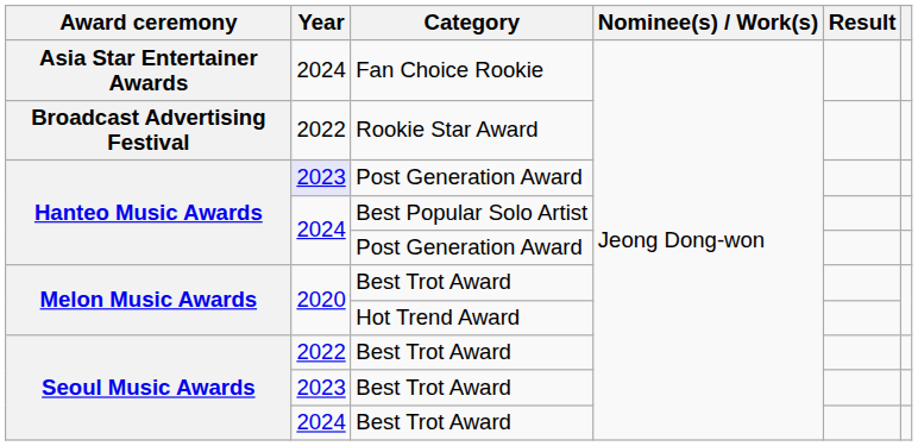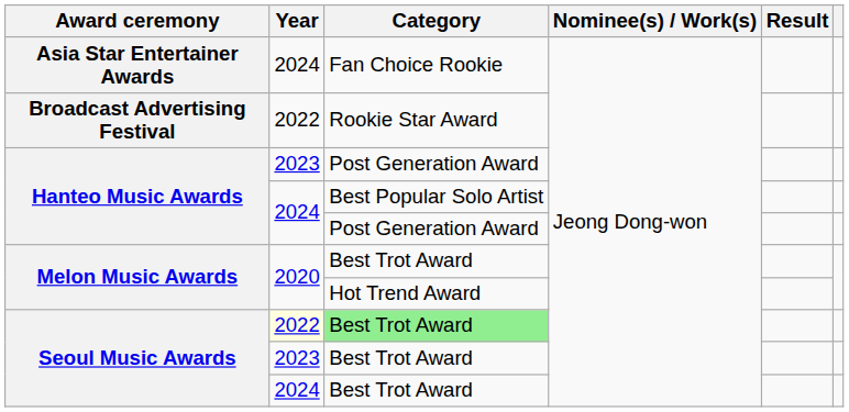 <table class="wikitable plainrowheaders sortable">
 <tr>
 <th scope="col" width="200">Award ceremony</th>
 <th scope="col">Year</th>
 <th scope="col">Category</th>
 <th scope="col">Nominee(s) / Work(s)</th>
 <th scope="col">Result</th>
 <th scope="col" class="unsortable"></th>
 </tr>
 <tr>
 <th scope="row">Asia Star Entertainer Awards</th>
 <td style="text-align:center">2024</td>
 <td>Fan Choice Rookie</td>
 <td rowspan="10">Jeong Dong-won</td>
 <td></td>
 <td style="text-align:center"></td>
 </tr>
 <tr>
 <th scope="row">Broadcast Advertising Festival</th>
 <td style="text-align:center">2022</td>
 <td>Rookie Star Award</td>
 <td></td>
 <td style="text-align:center"></td>
 </tr>
 <tr>
 <th scope="row" rowspan="3"><a href='#'>Hanteo Music Awards</a></th>
-<td style="background: lavender; text-align:center"><a href='#'>2023</a></td>
+<td style="text-align:center"><a href='#'>2023</a></td>
 <td>Post Generation Award</td>
 <td></td>
 <td style="text-align:center"></td>
 </tr>
 <tr>
 <td style="text-align:center" rowspan="2"><a href='#'>2024</a></td>
 <td>Best Popular Solo Artist</td>
 <td></td>
 <td style="text-align:center"></td>
 </tr>
 <tr>
 <td>Post Generation Award</td>
 <td></td>
 <td style="text-align:center"></td>
 </tr>
 <tr>
 <th scope="row" rowspan="2"><a href='#'>Melon Music Awards</a></th>
 <td rowspan="2" style="text-align:center"><a href='#'>2020</a></td>
 <td>Best Trot Award</td>
 <td></td>
 <td rowspan="2" style="text-align:center"></td>
 </tr>
 <tr>
 <td>Hot Trend Award</td>
 <td></td>
 </tr>
 <tr>
 <th scope="row"  rowspan="3"><a href='#'>Seoul Music Awards</a></th>
-<td style="text-align:center"><a href='#'>2022</a></td>
-<td>Best Trot Award</td>
+<td style="background: lightyellow; text-align:center"><a href='#'>2022</a></td>
+<td style="background: lightgreen;">Best Trot Award</td>
 <td></td>
 <td style="text-align:center"></td>
 </tr>
 <tr>
 <td style="text-align:center"><a href='#'>2023</a></td>
 <td>Best Trot Award</td>
 <td></td>
 <td style="text-align:center"></td>
 </tr>
 <tr>
 <td style="text-align:center"><a href='#'>2024</a></td>
 <td>Best Trot Award</td>
 <td></td>
 <td style="text-align:center"></td>
 </tr>
 </table>
